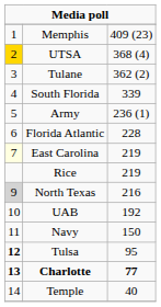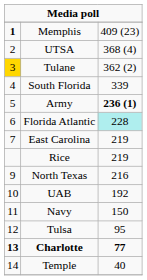 <table class="wikitable">
 <tr align="center">
 <td align="center" Colspan="3"><strong>Media poll</strong></td>
 </tr>
 <tr align="center">
 </tr>
 <tr align="center">
-<td>1</td>
+<td><strong>1</strong></td>
 <td>Memphis</td>
 <td>409 (23)</td>
 </tr>
 <tr align="center">
-<td style="background: gold;">2</td>
+<td>2</td>
 <td>UTSA</td>
 <td>368 (4)</td>
 </tr>
 <tr align="center">
-<td>3</td>
+<td style="background: gold;">3</td>
 <td>Tulane</td>
 <td>362 (2)</td>
 </tr>
 <tr align="center">
 <td>4</td>
 <td>South Florida</td>
 <td>339</td>
 </tr>
 <tr align="center">
 <td>5</td>
 <td>Army</td>
-<td>236 (1)</td>
+<td><strong>236 (1)</strong></td>
 </tr>
 <tr align="center">
 <td>6</td>
 <td>Florida Atlantic</td>
-<td>228</td>
+<td style="background: paleturquoise;">228</td>
 </tr>
 <tr align="center">
-<td style="background: lightyellow;">7</td>
+<td>7</td>
 <td>East Carolina</td>
 <td>219</td>
 </tr>
 <tr align="center">
 <td></td>
 <td>Rice</td>
 <td>219</td>
 </tr>
 <tr align="center">
-<td style="background: lightgrey;">9</td>
+<td>9</td>
 <td>North Texas</td>
 <td>216</td>
 </tr>
 <tr align="center">
 <td>10</td>
 <td>UAB</td>
 <td>192</td>
 </tr>
 <tr align="center">
 <td>11</td>
 <td>Navy</td>
 <td>150</td>
 </tr>
 <tr align="center">
-<td><strong>12</strong></td>
+<td>12</td>
 <td>Tulsa</td>
 <td>95</td>
 </tr>
 <tr align="center">
 <td><strong>13</strong></td>
 <td><strong>Charlotte</strong></td>
 <td><strong>77</strong></td>
 </tr>
 <tr align="center">
 <td>14</td>
 <td>Temple</td>
 <td>40</td>
 </tr>
 <tr align="center">
 </tr>
 </table>
